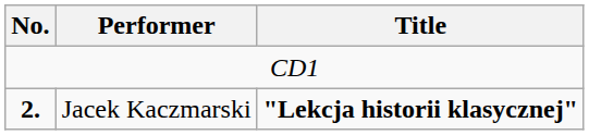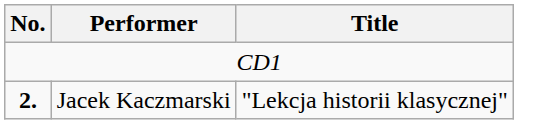 <table class="wikitable">
 <tr>
 <th>No.</th>
 <th>Performer</th>
 <th>Title</th>
 </tr>
 <tr>
 <td colspan="3" style="text-align:center"><em>CD1</em></td>
 </tr>
 <tr>
 <td style="text-align:center"><strong>2.</strong></td>
 <td>Jacek Kaczmarski</td>
-<td><strong>"Lekcja historii klasycznej"</strong></td>
+<td>"Lekcja historii klasycznej"</td>
 </tr>
 </table>
